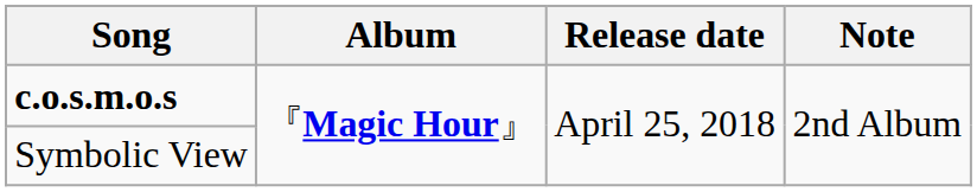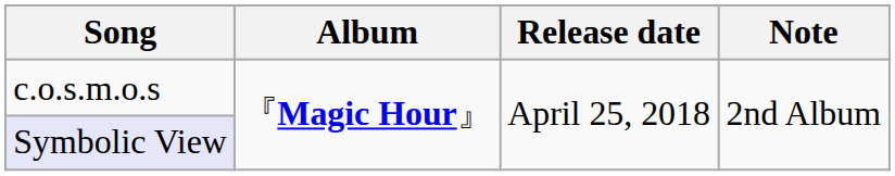 <table class="wikitable">
 <tr>
 <th>Song</th>
 <th>Album</th>
 <th>Release date</th>
 <th>Note</th>
 </tr>
 <tr>
-<td><strong>c.o.s.m.o.s</strong></td>
+<td>c.o.s.m.o.s</td>
 <td rowspan="2">『<strong><a href='#'>Magic Hour</a></strong>』</td>
 <td rowspan="2">April 25, 2018</td>
 <td rowspan="2">2nd Album</td>
 </tr>
 <tr>
-<td>Symbolic View</td>
+<td style="background: lavender;">Symbolic View</td>
 </tr>
 </table>
